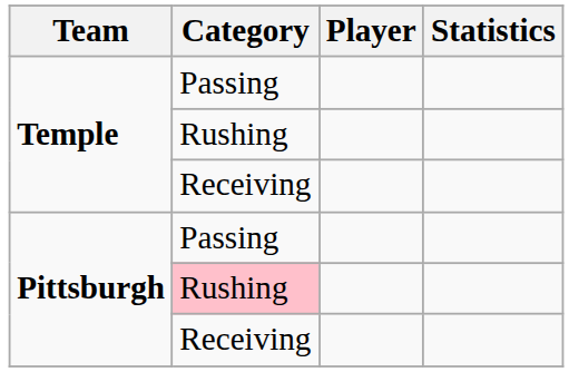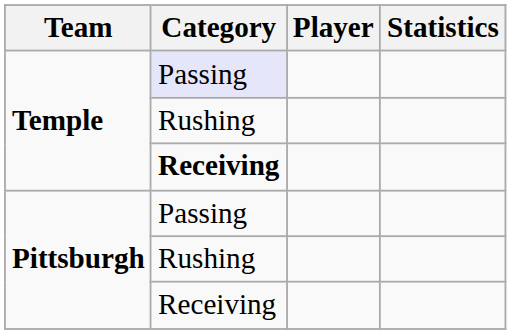 <table class="wikitable" style="float: right;">
 <tr>
 <th>Team</th>
 <th>Category</th>
 <th>Player</th>
 <th>Statistics</th>
 </tr>
 <tr>
 <td rowspan=3><strong>Temple</strong></td>
+<td style="background: lavender;">Passing</td>
+<td></td>
+<td></td>
+</tr>
+<tr>
+<td>Rushing</td>
+<td></td>
+<td></td>
+</tr>
+<tr>
+<td><strong>Receiving</strong></td>
+<td></td>
+<td></td>
+</tr>
+<tr>
+<td rowspan=3><strong>Pittsburgh</strong></td>
 <td>Passing</td>
 <td></td>
 <td></td>
 </tr>
 <tr>
 <td>Rushing</td>
 <td></td>
 <td></td>
 </tr>
 <tr>
 <td>Receiving</td>
 <td></td>
 <td></td>
 </tr>
-<tr>
-<td rowspan=3><strong>Pittsburgh</strong></td>
-<td>Passing</td>
-<td></td>
-<td></td>
-</tr>
-<tr>
-<td style="background: pink;">Rushing</td>
-<td></td>
-<td></td>
-</tr>
-<tr>
-<td>Receiving</td>
-<td></td>
-<td></td>
-</tr>
 </table>
